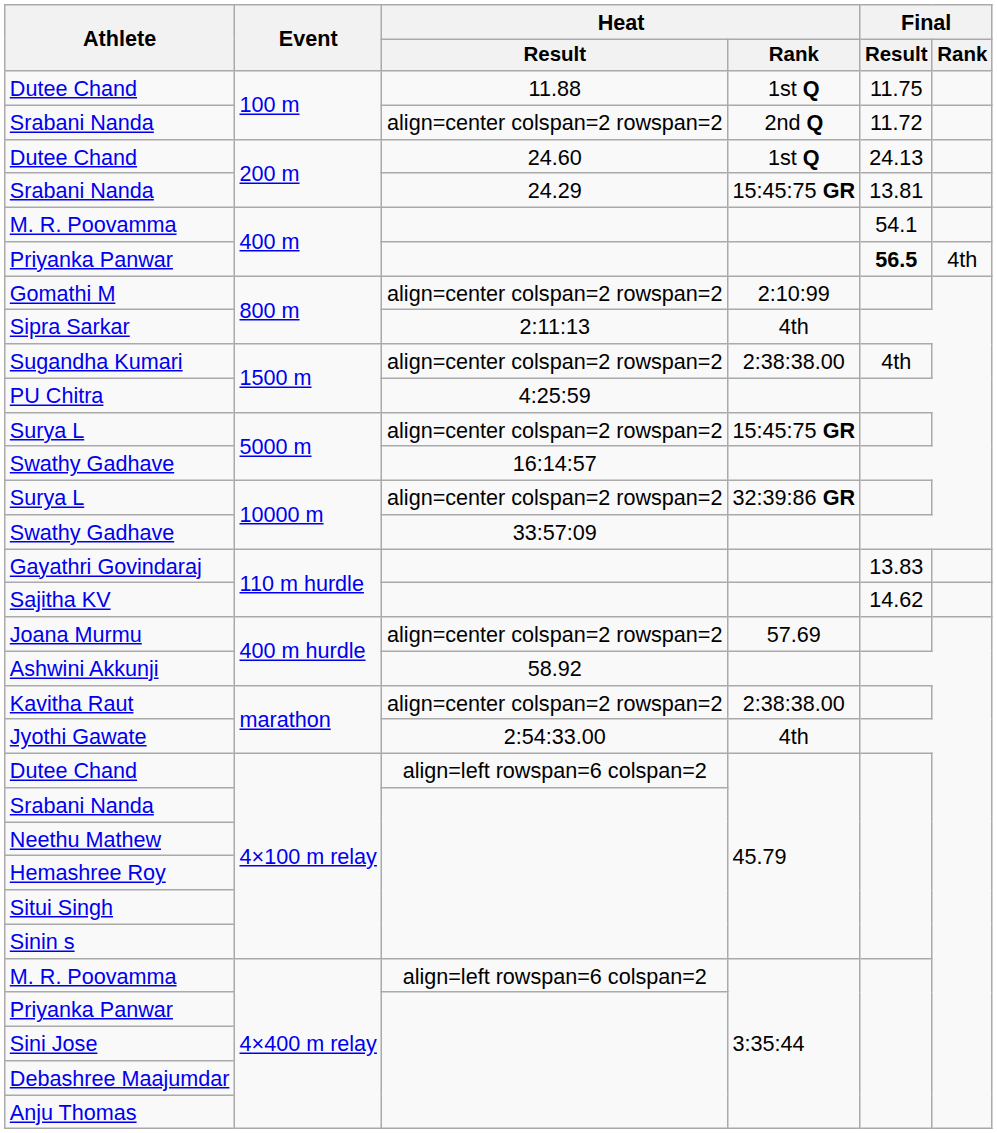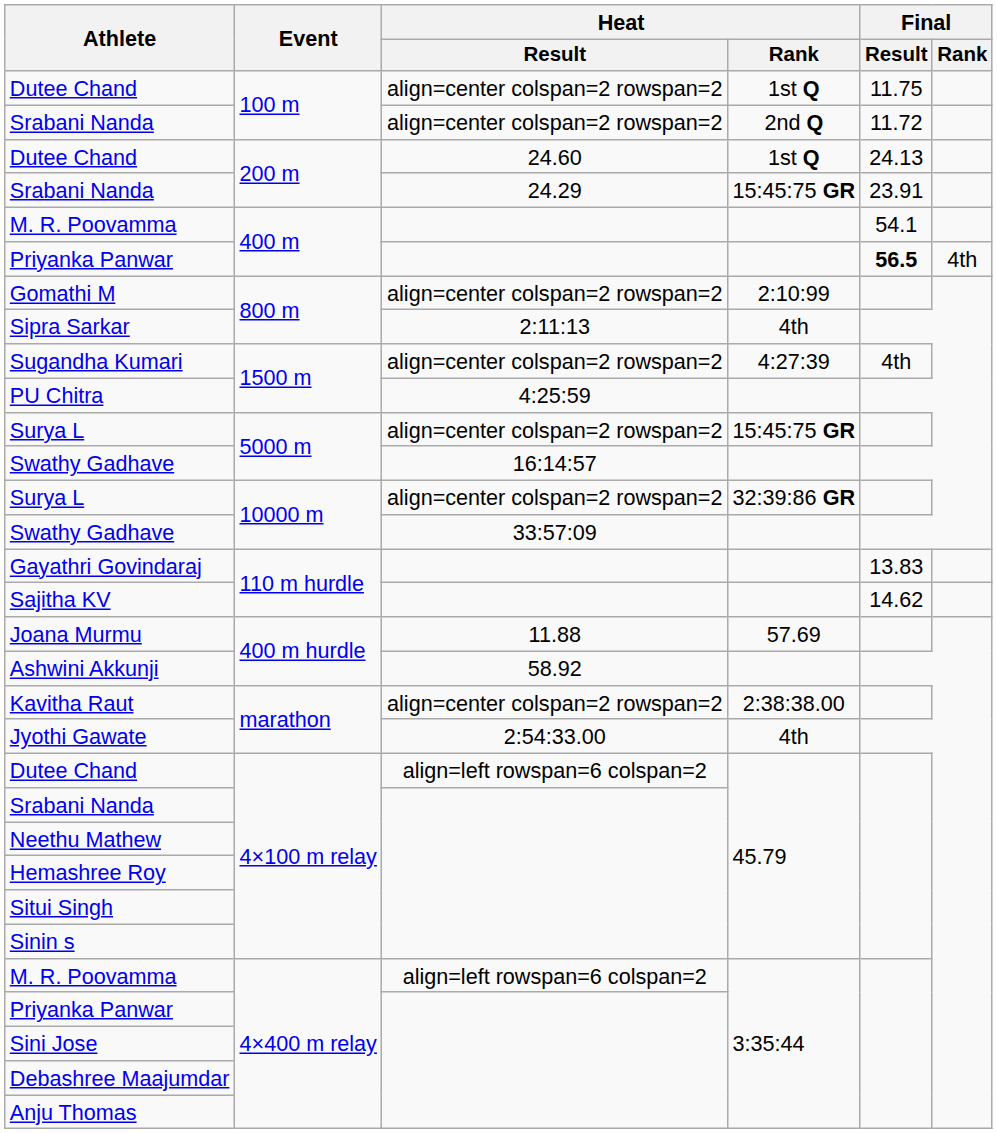 <table class="wikitable" style="font-size:90%" style="text-align:center;">
 <tr>
 <th rowspan=2>Athlete</th>
 <th rowspan=2>Event</th>
 <th colspan=2>Heat</th>
 <th colspan=2>Final</th>
 </tr>
 <tr style="font-size:95%">
 <th>Result</th>
 <th>Rank</th>
 <th>Result</th>
 <th>Rank</th>
 </tr>
 <tr align=center>
 <td align=left><a href='#'>Dutee Chand</a></td>
 <td align=left rowspan=2><a href='#'>100 m</a></td>
-<td>11.88</td>
+<td>align=center colspan=2 rowspan=2 </td>
 <td>1st <strong>Q</strong></td>
 <td>11.75</td>
 <td></td>
 </tr>
 <tr align=center>
 <td align=left><a href='#'>Srabani Nanda</a></td>
 <td>align=center colspan=2 rowspan=2 </td>
 <td>2nd <strong>Q</strong></td>
 <td>11.72</td>
 <td></td>
 </tr>
 <tr align=center>
 <td align=left><a href='#'>Dutee Chand</a></td>
 <td align=left rowspan=2><a href='#'>200 m</a></td>
 <td>24.60</td>
 <td>1st <strong>Q</strong></td>
 <td>24.13</td>
 <td></td>
 </tr>
 <tr align=center>
 <td align=left><a href='#'>Srabani Nanda</a></td>
 <td>24.29</td>
 <td>15:45:75 <strong>GR</strong></td>
-<td>13.81</td>
+<td>23.91</td>
 <td></td>
 </tr>
 <tr align=center>
 <td align=left><a href='#'>M. R. Poovamma</a></td>
 <td align=left rowspan=2><a href='#'>400 m</a></td>
 <td></td>
 <td></td>
 <td>54.1</td>
 <td></td>
 </tr>
 <tr align=center>
 <td align=left><a href='#'>Priyanka Panwar</a></td>
 <td></td>
 <td></td>
 <td><strong>56.5</strong></td>
 <td>4th</td>
 </tr>
 <tr align=center>
 <td align=left><a href='#'>Gomathi M</a></td>
 <td align=left rowspan=2><a href='#'>800 m</a></td>
 <td>align=center colspan=2 rowspan=2 </td>
 <td>2:10:99</td>
 <td></td>
 </tr>
 <tr align=center>
 <td align=left><a href='#'>Sipra Sarkar</a></td>
 <td>2:11:13</td>
 <td>4th</td>
 </tr>
 <tr align=center>
 <td align=left><a href='#'>Sugandha Kumari</a></td>
 <td align=left rowspan=2><a href='#'>1500 m</a></td>
 <td>align=center colspan=2 rowspan=2 </td>
-<td>2:38:38.00</td>
+<td>4:27:39</td>
 <td>4th</td>
 </tr>
 <tr align=center>
 <td align=left><a href='#'>PU Chitra</a></td>
 <td>4:25:59</td>
 <td></td>
 </tr>
 <tr align=center>
 <td align=left><a href='#'>Surya L</a></td>
 <td align=left rowspan=2><a href='#'>5000 m</a></td>
 <td>align=center colspan=2 rowspan=2 </td>
 <td>15:45:75 <strong>GR</strong></td>
 <td></td>
 </tr>
 <tr align=center>
 <td align=left><a href='#'>Swathy Gadhave</a></td>
 <td>16:14:57</td>
 <td></td>
 </tr>
 <tr align=center>
 <td align=left><a href='#'>Surya L</a></td>
 <td align=left rowspan=2><a href='#'>10000 m</a></td>
 <td>align=center colspan=2 rowspan=2 </td>
 <td>32:39:86 <strong>GR</strong></td>
 <td></td>
 </tr>
 <tr align=center>
 <td align=left><a href='#'>Swathy Gadhave</a></td>
 <td>33:57:09</td>
 <td></td>
 </tr>
 <tr align=center>
 <td align=left><a href='#'>Gayathri Govindaraj</a></td>
 <td align=left rowspan=2><a href='#'>110 m hurdle</a></td>
 <td></td>
 <td></td>
 <td>13.83</td>
 <td></td>
 </tr>
 <tr align=center>
 <td align=left><a href='#'>Sajitha KV</a></td>
 <td></td>
 <td></td>
 <td>14.62</td>
 <td></td>
 </tr>
 <tr align=center>
 <td align=left><a href='#'>Joana Murmu</a></td>
 <td align=left rowspan=2><a href='#'>400 m hurdle</a></td>
-<td>align=center colspan=2 rowspan=2 </td>
+<td>11.88</td>
 <td>57.69</td>
 <td></td>
 </tr>
 <tr align=center>
 <td align=left><a href='#'>Ashwini Akkunji</a></td>
 <td>58.92</td>
 <td></td>
 </tr>
 <tr align=center>
 <td align=left><a href='#'>Kavitha Raut</a></td>
 <td align=left rowspan=2><a href='#'>marathon</a></td>
 <td>align=center colspan=2 rowspan=2 </td>
 <td>2:38:38.00</td>
 <td></td>
 </tr>
 <tr align=center>
 <td align=left><a href='#'>Jyothi Gawate</a></td>
 <td>2:54:33.00</td>
 <td>4th</td>
 </tr>
 <tr align=center>
 <td align=left><a href='#'>Dutee Chand</a></td>
 <td align=left rowspan=6><a href='#'>4×100 m relay</a></td>
 <td>align=left rowspan=6 colspan=2 </td>
 <td align=left rowspan=6>45.79</td>
 <td align=left rowspan=6></td>
 </tr>
 <tr align=center>
 <td align=left><a href='#'>Srabani Nanda</a></td>
 </tr>
 <tr align=center>
 <td align=left><a href='#'>Neethu Mathew</a></td>
 </tr>
 <tr align=center>
 <td align=left><a href='#'>Hemashree Roy</a></td>
 </tr>
 <tr align=center>
 <td align=left><a href='#'>Situi Singh</a></td>
 </tr>
 <tr align=center>
 <td align=left><a href='#'>Sinin s</a></td>
 </tr>
 <tr align=center>
 <td align=left><a href='#'>M. R. Poovamma</a></td>
 <td align=left rowspan=6><a href='#'>4×400 m relay</a></td>
 <td>align=left rowspan=6 colspan=2 </td>
 <td align=left rowspan=6>3:35:44</td>
 <td align=left rowspan=6></td>
 </tr>
 <tr align=center>
 <td align=left><a href='#'>Priyanka Panwar</a></td>
 </tr>
 <tr align=center>
 <td align=left><a href='#'>Sini Jose</a></td>
 </tr>
 <tr align=center>
 <td align=left><a href='#'>Debashree Maajumdar</a></td>
 </tr>
 <tr align=center>
 <td align=left><a href='#'>Anju Thomas</a></td>
 </tr>
 </table>
